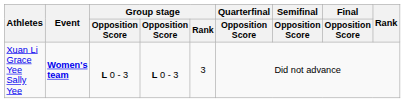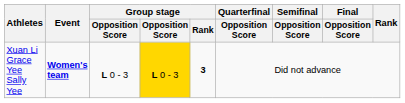 <table class="wikitable" style="font-size:90%">
 <tr>
 <th rowspan=2>Athletes</th>
 <th rowspan=2>Event</th>
 <th colspan=3>Group stage</th>
 <th>Quarterfinal</th>
 <th>Semifinal</th>
 <th>Final</th>
 <th rowspan=2>Rank</th>
 </tr>
 <tr style="font-size:95%">
 <th>Opposition<br>Score</th>
 <th>Opposition<br>Score</th>
 <th>Rank</th>
 <th>Opposition<br>Score</th>
 <th>Opposition<br>Score</th>
 <th>Opposition<br>Score</th>
 </tr>
 <tr align=center>
 <td align=left><a href='#'>Xuan Li</a><br><a href='#'>Grace Yee</a><br><a href='#'>Sally Yee</a></td>
 <td align=left><strong><a href='#'>Women's team</a></strong></td>
 <td><br><strong>L</strong> 0 - 3</td>
-<td><br><strong>L</strong> 0 - 3</td>
-<td>3</td>
+<td style="background: gold;"><br><strong>L</strong> 0 - 3</td>
+<td><strong>3</strong></td>
 <td colspan=4>Did not advance</td>
 </tr>
 </table>
